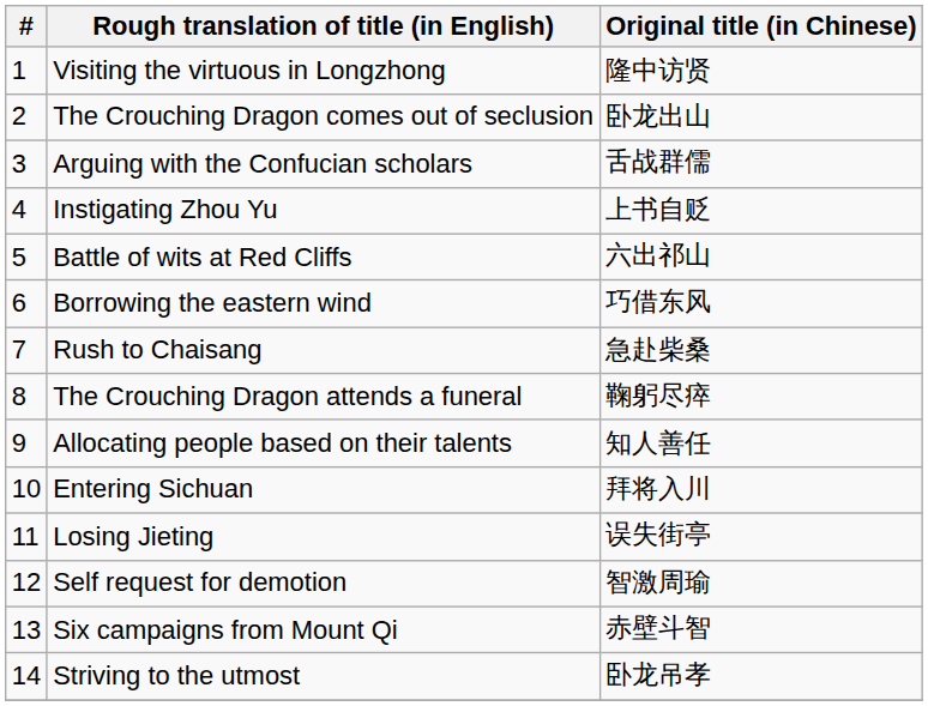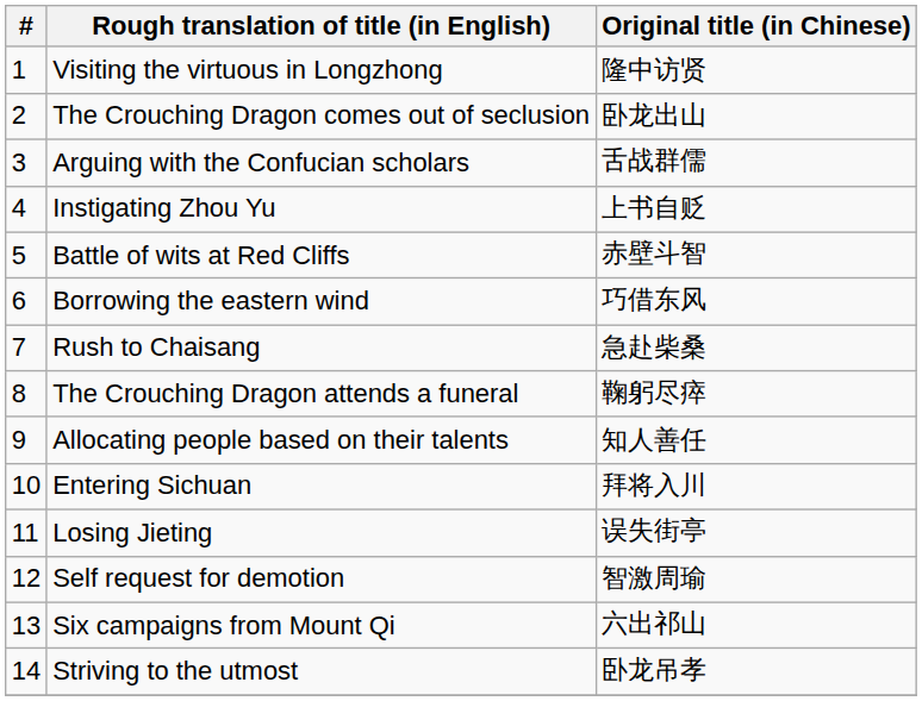 <table class="wikitable">
 <tr>
 <th>#</th>
 <th>Rough translation of title (in English)</th>
 <th>Original title (in Chinese)</th>
 </tr>
 <tr>
 <td>1</td>
 <td>Visiting the virtuous in Longzhong</td>
 <td>隆中访贤</td>
 </tr>
 <tr>
 <td>2</td>
 <td>The Crouching Dragon comes out of seclusion</td>
 <td>卧龙出山</td>
 </tr>
 <tr>
 <td>3</td>
 <td>Arguing with the Confucian scholars</td>
 <td>舌战群儒</td>
 </tr>
 <tr>
 <td>4</td>
 <td>Instigating Zhou Yu</td>
 <td>上书自贬</td>
 </tr>
 <tr>
 <td>5</td>
 <td>Battle of wits at Red Cliffs</td>
-<td>六出祁山</td>
+<td>赤壁斗智</td>
 </tr>
 <tr>
 <td>6</td>
 <td>Borrowing the eastern wind</td>
 <td>巧借东风</td>
 </tr>
 <tr>
 <td>7</td>
 <td>Rush to Chaisang</td>
 <td>急赴柴桑</td>
 </tr>
 <tr>
 <td>8</td>
 <td>The Crouching Dragon attends a funeral</td>
 <td>鞠躬尽瘁</td>
 </tr>
 <tr>
 <td>9</td>
 <td>Allocating people based on their talents</td>
 <td>知人善任</td>
 </tr>
 <tr>
 <td>10</td>
 <td>Entering Sichuan</td>
 <td>拜将入川</td>
 </tr>
 <tr>
 <td>11</td>
 <td>Losing Jieting</td>
 <td>误失街亭</td>
 </tr>
 <tr>
 <td>12</td>
 <td>Self request for demotion</td>
 <td>智激周瑜</td>
 </tr>
 <tr>
 <td>13</td>
 <td>Six campaigns from Mount Qi</td>
-<td>赤壁斗智</td>
+<td>六出祁山</td>
 </tr>
 <tr>
 <td>14</td>
 <td>Striving to the utmost</td>
 <td>卧龙吊孝</td>
 </tr>
 <tr>
 </tr>
 </table>
